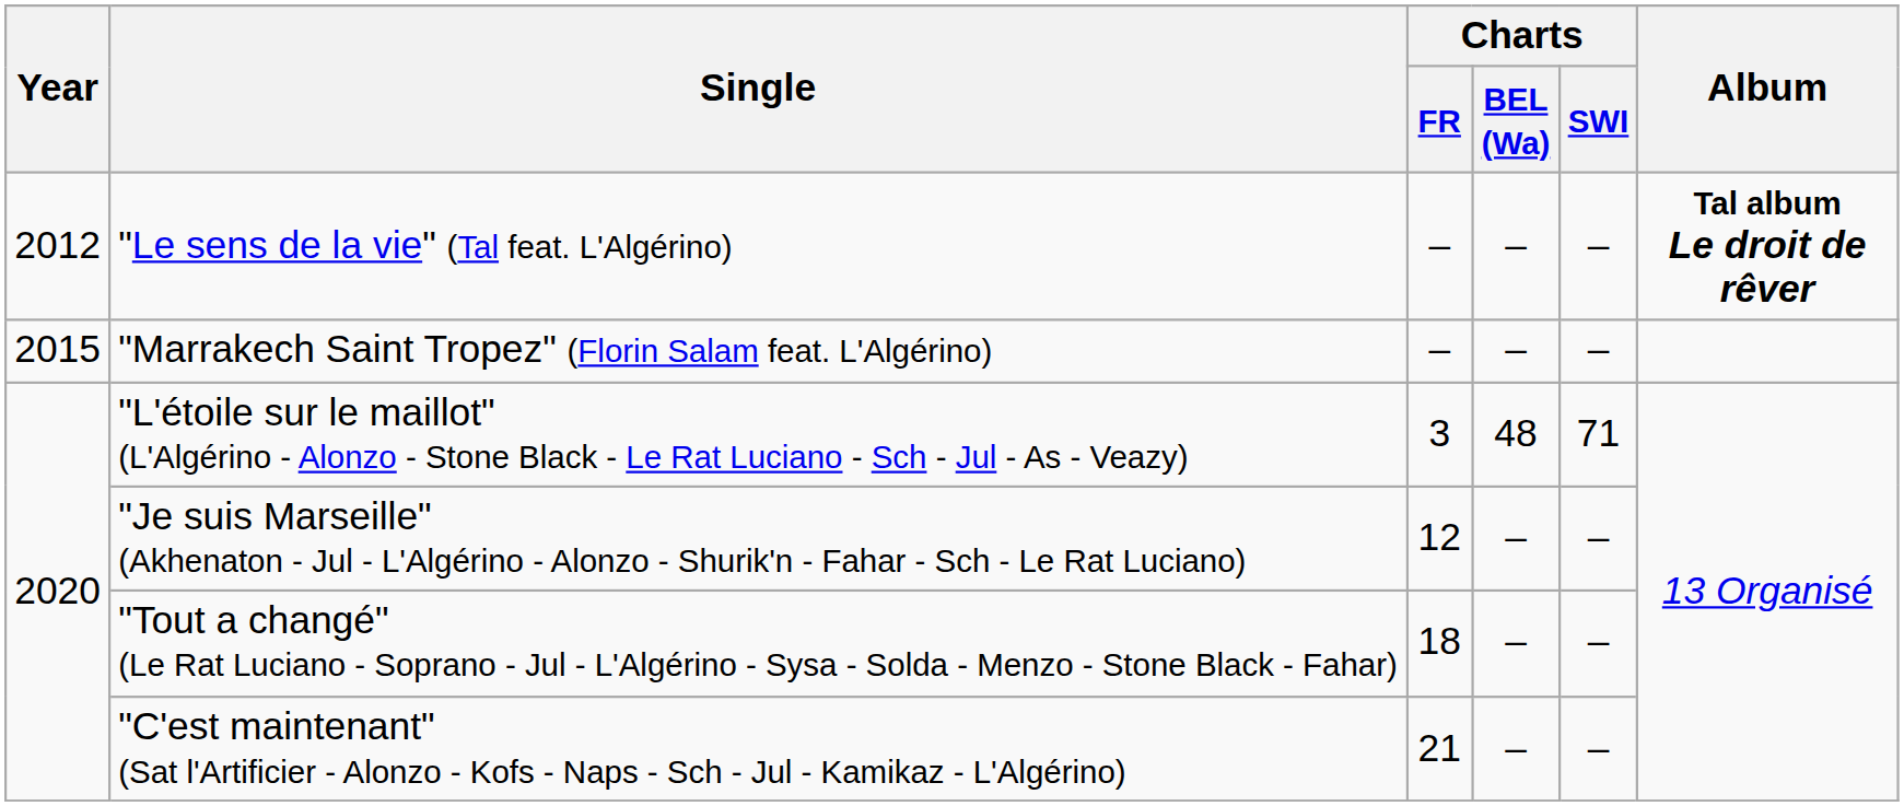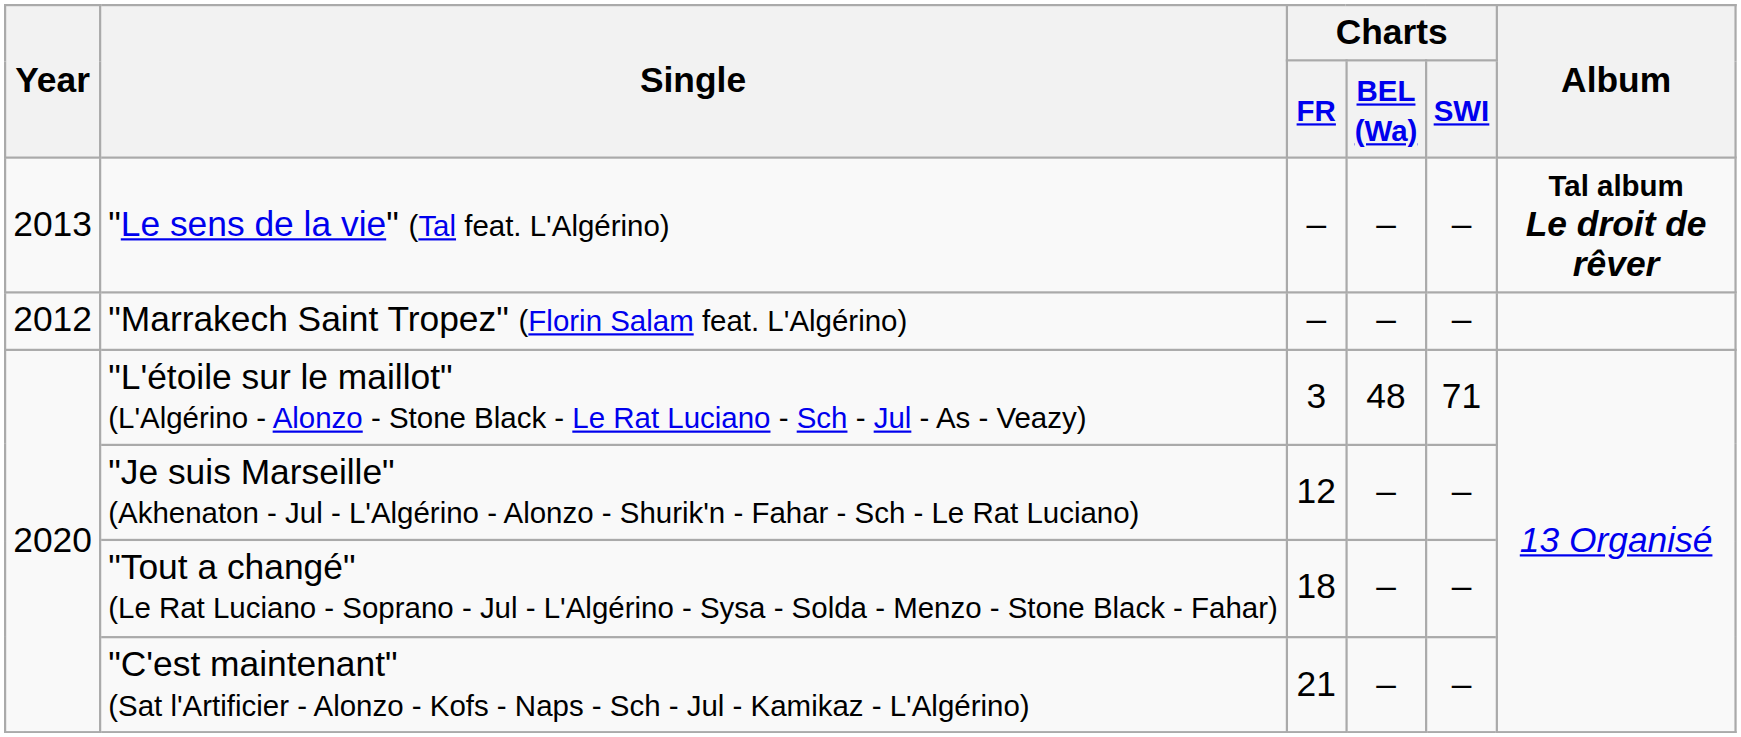 <table class="wikitable">
 <tr>
 <th rowspan=2>Year</th>
 <th rowspan="2" style="text-align:center;">Single</th>
 <th style="text-align:center;" colspan="3">Charts</th>
 <th rowspan="2" style="text-align:center; width:100px;">Album</th>
 </tr>
 <tr>
 <th width="20"><small><a href='#'>FR</a></small><br></th>
 <th width="20"><small><a href='#'>BEL <br>(Wa)</a></small><br></th>
 <th width="20"><small><a href='#'>SWI</a></small><br></th>
 </tr>
 <tr>
-<td style="text-align:center;">2012</td>
+<td style="text-align:center;">2013</td>
 <td>"<a href='#'>Le sens de la vie</a>" <small>(<a href='#'>Tal</a> feat. L'Algérino)</small></td>
 <td style="text-align:center;">–</td>
 <td style="text-align:center;">–</td>
 <td style="text-align:center;">–</td>
 <td style="text-align:center;"><strong><small>Tal album</small><br><em>Le droit de rêver</em></strong></td>
 </tr>
 <tr>
-<td style="text-align:center;">2015</td>
+<td style="text-align:center;">2012</td>
 <td>"Marrakech Saint Tropez" <small>(<a href='#'>Florin Salam</a> feat. L'Algérino)</small></td>
 <td style="text-align:center;">–</td>
 <td style="text-align:center;">–</td>
 <td style="text-align:center;">–</td>
 <td style="text-align:center;"></td>
 </tr>
 <tr>
 <td style="text-align:center;" rowspan=4>2020</td>
 <td>"L'étoile sur le maillot"<br><small>(L'Algérino - <a href='#'>Alonzo</a> - Stone Black - <a href='#'>Le Rat Luciano</a> - <a href='#'>Sch</a> - <a href='#'>Jul</a> - As - Veazy)</small></td>
 <td style="text-align:center;">3</td>
 <td style="text-align:center;">48</td>
 <td style="text-align:center;">71</td>
 <td style="text-align:center;" rowspan=4><em><a href='#'>13 Organisé</a></em></td>
 </tr>
 <tr>
 <td>"Je suis Marseille"<br><small>(Akhenaton - Jul - L'Algérino - Alonzo - Shurik'n - Fahar - Sch - Le Rat Luciano)</small></td>
 <td style="text-align:center;">12</td>
 <td style="text-align:center;">–</td>
 <td style="text-align:center;">–</td>
 </tr>
 <tr>
 <td>"Tout a changé"<br><small>(Le Rat Luciano - Soprano - Jul - L'Algérino - Sysa - Solda - Menzo - Stone Black - Fahar)</small></td>
 <td style="text-align:center;">18</td>
 <td style="text-align:center;">–</td>
 <td style="text-align:center;">–</td>
 </tr>
 <tr>
 <td>"C'est maintenant"<br><small>(Sat l'Artificier - Alonzo - Kofs - Naps - Sch - Jul - Kamikaz - L'Algérino)</small></td>
 <td style="text-align:center;">21</td>
 <td style="text-align:center;">–</td>
 <td style="text-align:center;">–</td>
 </tr>
 </table>
